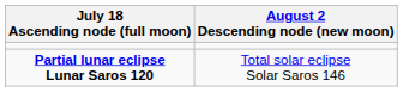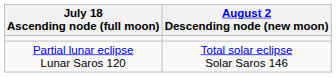 <table class="wikitable">
 <tr>
 <th>July 18<br>Ascending node (full moon)<br></th>
 <th><a href='#'>August 2</a><br>Descending node (new moon)<br></th>
 </tr>
 <tr>
 <td></td>
 <td></td>
 </tr>
 <tr align=center>
-<td><strong><a href='#'>Partial lunar eclipse</a><br>Lunar Saros 120</strong></td>
+<td><a href='#'>Partial lunar eclipse</a><br>Lunar Saros 120</td>
 <td><a href='#'>Total solar eclipse</a><br>Solar Saros 146</td>
 </tr>
 </table>
